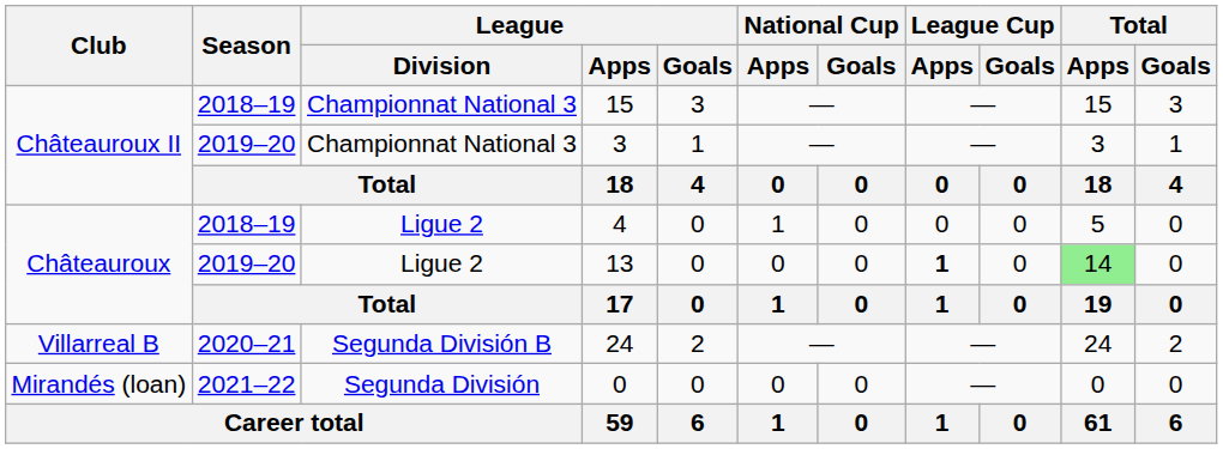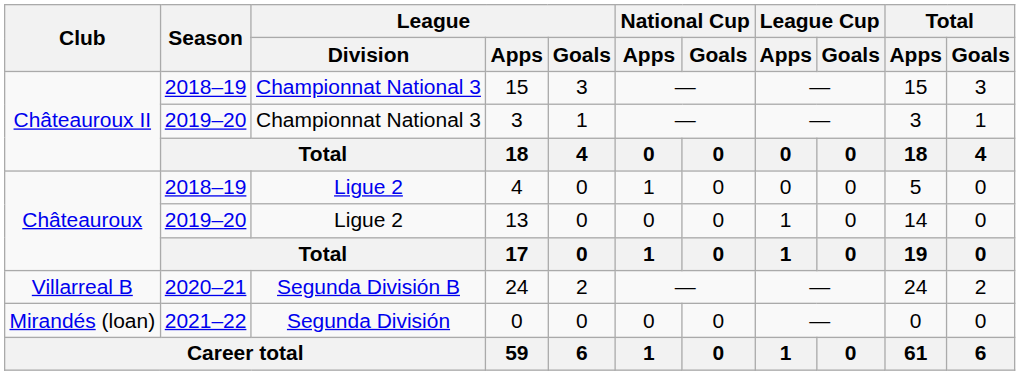 <table class="wikitable" style="text-align:center">
 <tr>
 <th rowspan="2">Club</th>
 <th rowspan="2">Season</th>
 <th colspan="3">League</th>
 <th colspan="2">National Cup</th>
 <th colspan="2">League Cup</th>
 <th colspan="2">Total</th>
 </tr>
 <tr>
 <th>Division</th>
 <th>Apps</th>
 <th>Goals</th>
 <th>Apps</th>
 <th>Goals</th>
 <th>Apps</th>
 <th>Goals</th>
 <th>Apps</th>
 <th>Goals</th>
 </tr>
 <tr>
 <td rowspan="3"><a href='#'>Châteauroux II</a></td>
 <td><a href='#'>2018–19</a></td>
 <td><a href='#'>Championnat National 3</a></td>
 <td>15</td>
 <td>3</td>
 <td colspan="2">—</td>
 <td colspan="2">—</td>
 <td>15</td>
 <td>3</td>
 </tr>
 <tr>
 <td><a href='#'>2019–20</a></td>
 <td>Championnat National 3</td>
 <td>3</td>
 <td>1</td>
 <td colspan="2">—</td>
 <td colspan="2">—</td>
 <td>3</td>
 <td>1</td>
 </tr>
 <tr>
 <th colspan="2">Total</th>
 <th>18</th>
 <th>4</th>
 <th>0</th>
 <th>0</th>
 <th>0</th>
 <th>0</th>
 <th>18</th>
 <th>4</th>
 </tr>
 <tr>
 <td rowspan="3"><a href='#'>Châteauroux</a></td>
 <td><a href='#'>2018–19</a></td>
 <td><a href='#'>Ligue 2</a></td>
 <td>4</td>
 <td>0</td>
 <td>1</td>
 <td>0</td>
 <td>0</td>
 <td>0</td>
 <td>5</td>
 <td>0</td>
 </tr>
 <tr>
 <td><a href='#'>2019–20</a></td>
 <td>Ligue 2</td>
 <td>13</td>
 <td>0</td>
 <td>0</td>
 <td>0</td>
-<td><strong>1</strong></td>
+<td>1</td>
 <td>0</td>
-<td style="background: lightgreen;">14</td>
+<td>14</td>
 <td>0</td>
 </tr>
 <tr>
 <th colspan="2">Total</th>
 <th>17</th>
 <th>0</th>
 <th>1</th>
 <th>0</th>
 <th>1</th>
 <th>0</th>
 <th>19</th>
 <th>0</th>
 </tr>
 <tr>
 <td><a href='#'>Villarreal B</a></td>
 <td><a href='#'>2020–21</a></td>
 <td><a href='#'>Segunda División B</a></td>
 <td>24</td>
 <td>2</td>
 <td colspan="2">—</td>
 <td colspan="2">—</td>
 <td>24</td>
 <td>2</td>
 </tr>
 <tr>
 <td><a href='#'>Mirandés</a> (loan)</td>
 <td><a href='#'>2021–22</a></td>
 <td><a href='#'>Segunda División</a></td>
 <td>0</td>
 <td>0</td>
 <td>0</td>
 <td>0</td>
 <td colspan="2">—</td>
 <td>0</td>
 <td>0</td>
 </tr>
 <tr>
 <th colspan="3">Career total</th>
 <th>59</th>
 <th>6</th>
 <th>1</th>
 <th>0</th>
 <th>1</th>
 <th>0</th>
 <th>61</th>
 <th>6</th>
 </tr>
 </table>
